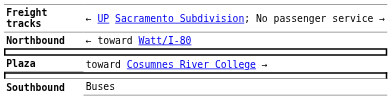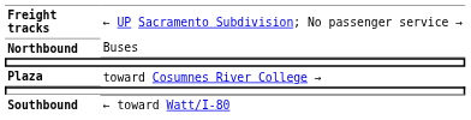 <table border=0 cellspacing=0 cellpadding=3>
 <tr>
 <td style="border-top:solid 1px gray" width=100><strong>Freight tracks</strong></td>
 <td style="border-top:solid 1px gray">← <a href='#'>UP</a> <a href='#'>Sacramento Subdivision</a>; No passenger service  →</td>
 </tr>
 <tr>
 <td style="border-top:solid 1px gray"><strong>Northbound</strong></td>
-<td style="border-top:solid 1px gray">←  toward <a href='#'>Watt/I-80</a> </td>
+<td style="border-bottom:solid 1px gray">Buses</td>
 </tr>
 <tr>
 <td style="border-top:solid 2px black;border-right:solid 2px black;border-left:solid 2px black;border-bottom:solid 2px black;text-align:center" colspan=2></td>
 </tr>
 <tr>
 <td style="border-bottom:solid 1px gray"><strong>Plaza</strong></td>
 <td>  toward <a href='#'>Cosumnes River College</a>  →</td>
 </tr>
 <tr>
 <td style="border-top:solid 2px black;border-right:solid 2px black;border-left:solid 2px black;border-bottom:solid 1px gray;text-align:center" colspan=2></td>
 </tr>
 <tr>
 <td><strong>Southbound</strong></td>
-<td style="border-bottom:solid 1px gray">Buses</td>
+<td style="border-top:solid 1px gray">←  toward <a href='#'>Watt/I-80</a> </td>
 </tr>
 </table>
